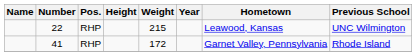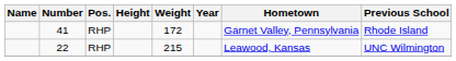 <table class="wikitable sortable sortable" style="text-align: center">
 <tr align=center>
 <th>Name</th>
 <th>Number</th>
 <th>Pos.</th>
 <th>Height</th>
 <th>Weight</th>
 <th>Year</th>
 <th>Hometown</th>
 <th>Previous School</th>
 </tr>
 <tr>
 <td></td>
+<td>41</td>
+<td>RHP</td>
+<td></td>
+<td>172</td>
+<td></td>
+<td align="left"><a href='#'>Garnet Valley, Pennsylvania</a></td>
+<td align="left"><a href='#'>Rhode Island</a></td>
+</tr>
+<tr>
+<td></td>
 <td>22</td>
 <td>RHP</td>
 <td></td>
 <td>215</td>
 <td></td>
 <td align="left"><a href='#'>Leawood, Kansas</a></td>
 <td align="left"><a href='#'>UNC Wilmington</a></td>
 </tr>
 <tr>
-<td></td>
-<td>41</td>
-<td>RHP</td>
-<td></td>
-<td>172</td>
-<td></td>
-<td align="left"><a href='#'>Garnet Valley, Pennsylvania</a></td>
-<td align="left"><a href='#'>Rhode Island</a></td>
-</tr>
-<tr>
 </tr>
 </table>
